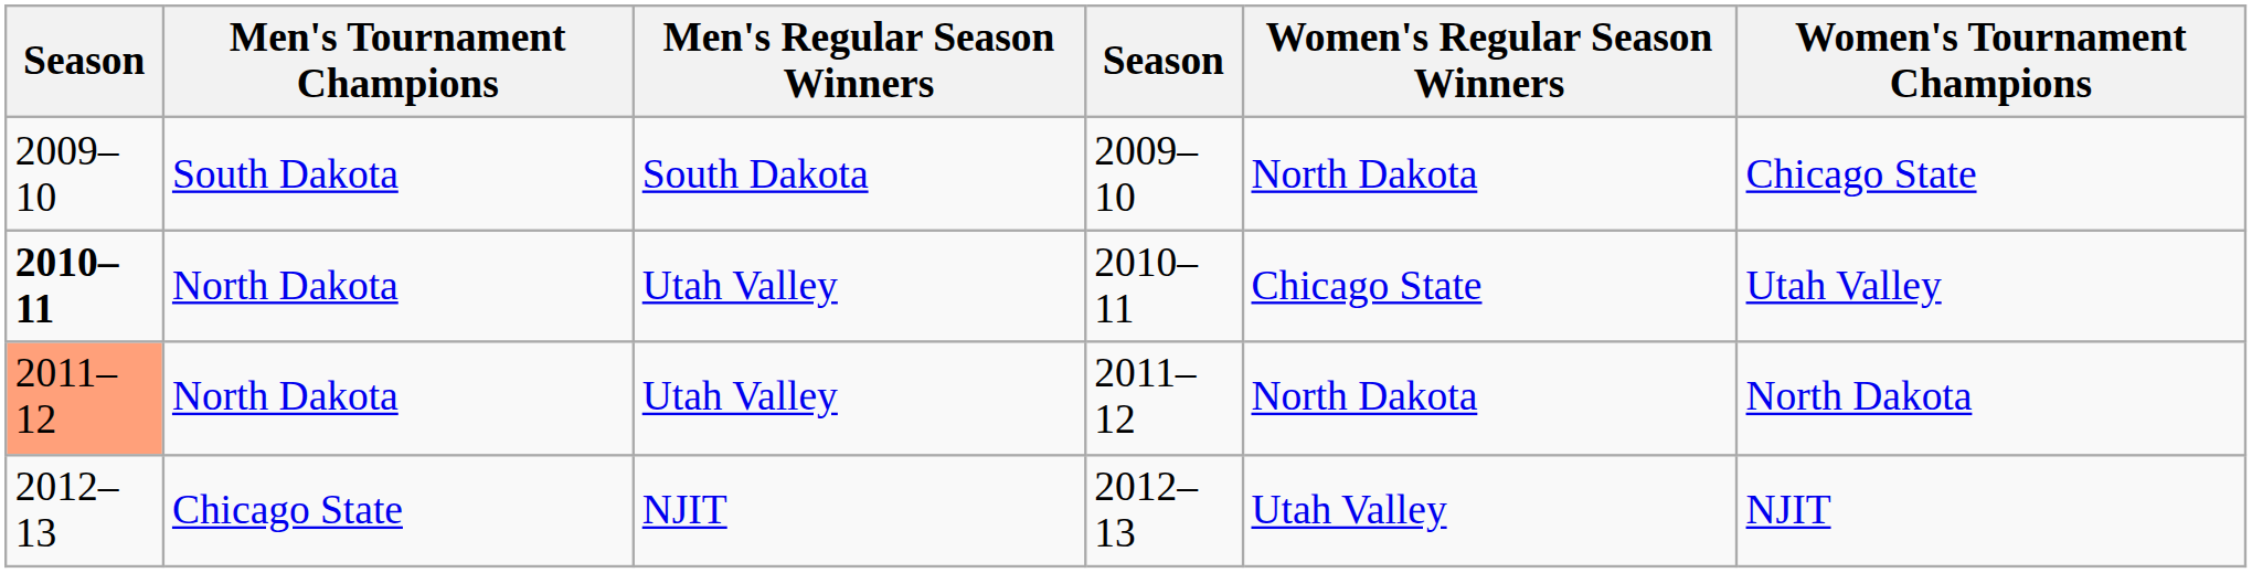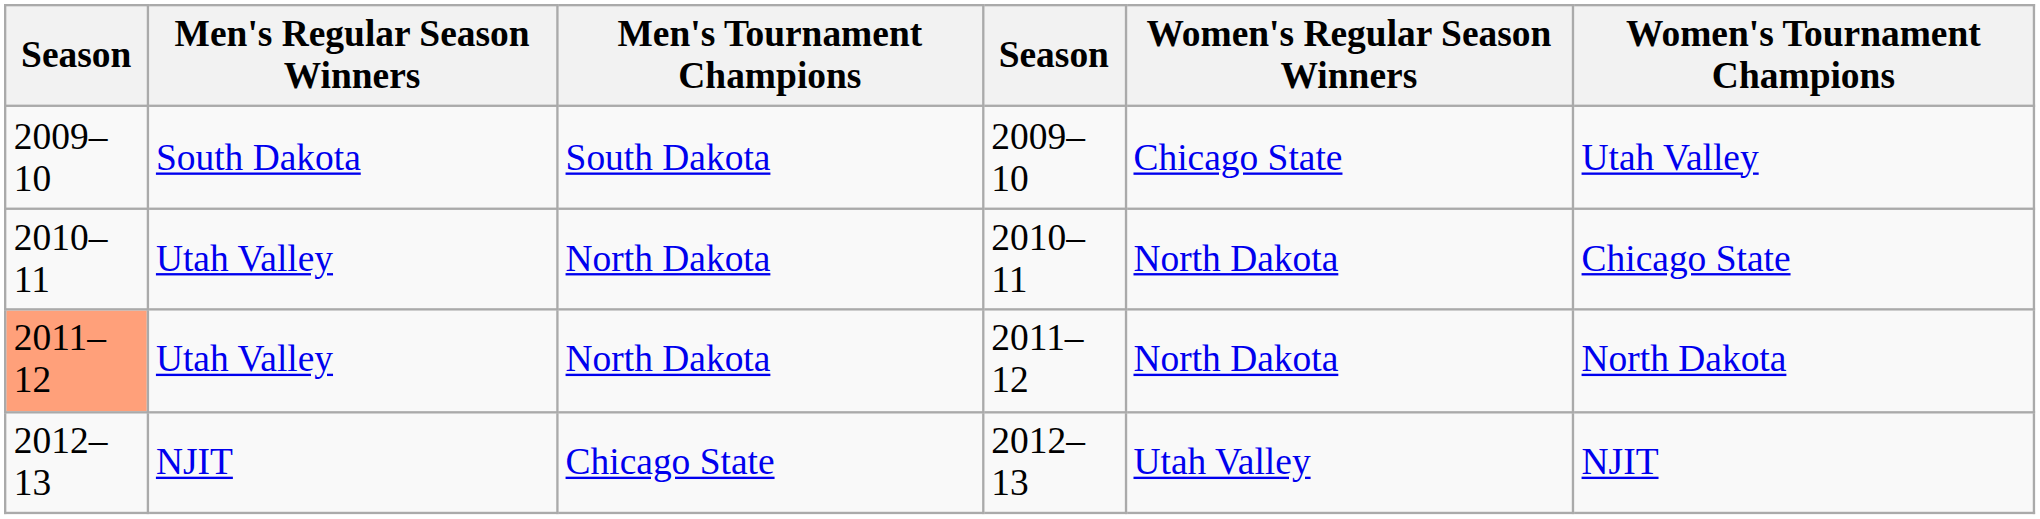 <table class=wikitable>
 <tr>
 <th>Season</th>
+<th>Men's Regular Season Winners</th>
 <th>Men's Tournament Champions</th>
-<th>Men's Regular Season Winners</th>
 <th>Season</th>
 <th>Women's Regular Season Winners</th>
 <th>Women's Tournament Champions</th>
 </tr>
 <tr>
 <td>2009–10</td>
 <td><a href='#'>South Dakota</a></td>
 <td><a href='#'>South Dakota</a></td>
 <td>2009–10</td>
+<td><a href='#'>Chicago State</a></td>
+<td><a href='#'>Utah Valley</a></td>
+</tr>
+<tr>
+<td>2010–11</td>
+<td><a href='#'>Utah Valley</a></td>
+<td><a href='#'>North Dakota</a></td>
+<td>2010–11</td>
 <td><a href='#'>North Dakota</a></td>
 <td><a href='#'>Chicago State</a></td>
 </tr>
 <tr>
-<td><strong>2010–11</strong></td>
+<td style="background: lightsalmon;">2011–12</td>
+<td><a href='#'>Utah Valley</a></td>
 <td><a href='#'>North Dakota</a></td>
-<td><a href='#'>Utah Valley</a></td>
-<td>2010–11</td>
-<td><a href='#'>Chicago State</a></td>
-<td><a href='#'>Utah Valley</a></td>
-</tr>
-<tr>
-<td style="background: lightsalmon;">2011–12</td>
-<td><a href='#'>North Dakota</a></td>
-<td><a href='#'>Utah Valley</a></td>
 <td>2011–12</td>
 <td><a href='#'>North Dakota</a></td>
 <td><a href='#'>North Dakota</a></td>
 </tr>
 <tr>
 <td>2012–13</td>
+<td><a href='#'>NJIT</a></td>
 <td><a href='#'>Chicago State</a></td>
-<td><a href='#'>NJIT</a></td>
 <td>2012–13</td>
 <td><a href='#'>Utah Valley</a></td>
 <td><a href='#'>NJIT</a></td>
 </tr>
 </table>
